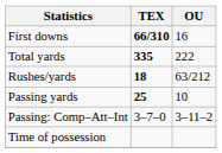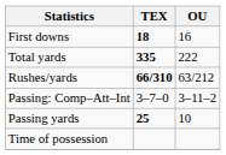 <table class="wikitable" style="float: left;">
 <tr>
 <th>Statistics</th>
 <th>TEX</th>
 <th>OU</th>
 </tr>
 <tr>
 <td>First downs</td>
-<td><strong>66/310</strong></td>
+<td><strong>18</strong></td>
 <td>16</td>
 </tr>
 <tr>
 <td>Total yards</td>
 <td><strong>335</strong></td>
 <td>222</td>
 </tr>
 <tr>
 <td>Rushes/yards</td>
-<td><strong>18</strong></td>
+<td><strong>66/310</strong></td>
 <td>63/212</td>
+</tr>
+<tr>
+<td>Passing: Comp–Att–Int</td>
+<td>3–7–0</td>
+<td>3–11–2</td>
 </tr>
 <tr>
 <td>Passing yards</td>
 <td><strong>25</strong></td>
 <td>10</td>
-</tr>
-<tr>
-<td>Passing: Comp–Att–Int</td>
-<td>3–7–0</td>
-<td>3–11–2</td>
 </tr>
 <tr>
 <td>Time of possession</td>
 <td></td>
 <td></td>
 </tr>
 <tr>
 </tr>
 </table>
